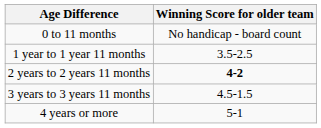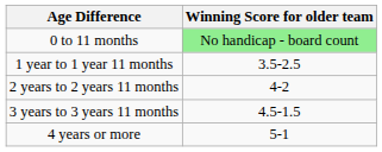 <table class="wikitable" style="margin: 1em auto 1em auto">
 <tr>
 <th>Age Difference</th>
 <th>Winning Score for older team</th>
 </tr>
 <tr>
 <td align="center">0 to 11 months</td>
-<td align="center">No handicap - board count</td>
+<td align="center" style="background: lightgreen;">No handicap - board count</td>
 </tr>
 <tr>
 <td align="center">1 year to 1 year 11 months</td>
 <td align="center">3.5-2.5</td>
 </tr>
 <tr>
 <td align="center">2 years to 2 years 11 months</td>
-<td align="center"><strong>4-2</strong></td>
+<td align="center">4-2</td>
 </tr>
 <tr>
 <td align="center">3 years to 3 years 11 months</td>
 <td align="center">4.5-1.5</td>
 </tr>
 <tr>
 <td align="center">4 years or more</td>
 <td align="center">5-1</td>
 </tr>
 </table>
